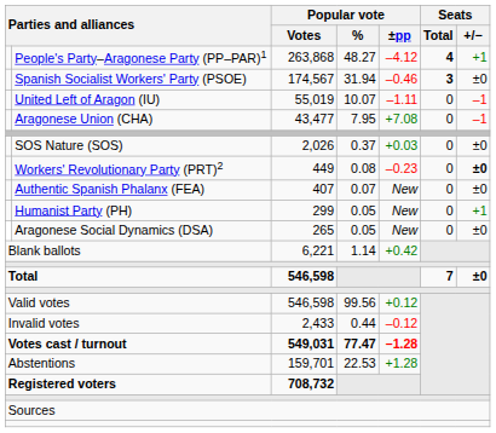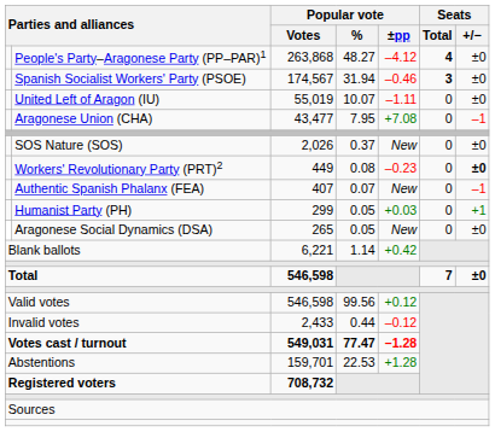 <table class="wikitable" style="text-align:right;">
 <tr>
 <th style="text-align:left;" rowspan="2" colspan="2" width="525">Parties and alliances</th>
 <th colspan="3">Popular vote</th>
 <th colspan="2">Seats</th>
 </tr>
 <tr>
 <th width="75">Votes</th>
 <th width="45">%</th>
 <th width="45">±<a href='#'>pp</a></th>
 <th width="35">Total</th>
 <th width="35">+/−</th>
 </tr>
 <tr>
 <td width="1" style="color:inherit;background:"></td>
 <td align="left"><a href='#'>People's Party</a>–<a href='#'>Aragonese Party</a> (PP–PAR)<sup>1</sup></td>
 <td>263,868</td>
 <td>48.27</td>
 <td style="color:red;">–4.12</td>
 <td><strong>4</strong></td>
-<td style="color:green;">+1</td>
+<td>±0</td>
 </tr>
 <tr>
 <td style="color:inherit;background:"></td>
 <td align="left"><a href='#'>Spanish Socialist Workers' Party</a> (PSOE)</td>
 <td>174,567</td>
 <td>31.94</td>
 <td style="color:red;">–0.46</td>
 <td><strong>3</strong></td>
 <td>±0</td>
 </tr>
 <tr>
 <td style="color:inherit;background:"></td>
 <td align="left"><a href='#'>United Left of Aragon</a> (IU)</td>
 <td>55,019</td>
 <td>10.07</td>
 <td style="color:red;">–1.11</td>
 <td>0</td>
-<td style="color:red;">–1</td>
+<td>±0</td>
 </tr>
 <tr>
 <td style="color:inherit;background:"></td>
 <td align="left"><a href='#'>Aragonese Union</a> (CHA)</td>
 <td>43,477</td>
 <td>7.95</td>
 <td style="color:green;">+7.08</td>
 <td>0</td>
 <td style="color:red;">–1</td>
 </tr>
 <tr>
 <td colspan="7" bgcolor="#C0C0C0"></td>
 </tr>
 <tr>
 <td style="color:inherit;background:"></td>
 <td align="left">SOS Nature (SOS)</td>
 <td>2,026</td>
 <td>0.37</td>
-<td style="color:green;">+0.03</td>
+<td><em>New</em></td>
 <td>0</td>
 <td>±0</td>
 </tr>
 <tr>
 <td style="color:inherit;background:"></td>
 <td align="left"><a href='#'>Workers' Revolutionary Party</a> (PRT)<sup>2</sup></td>
 <td>449</td>
 <td>0.08</td>
 <td style="color:red;">–0.23</td>
 <td>0</td>
 <td><strong>±0</strong></td>
 </tr>
 <tr>
 <td style="color:inherit;background:"></td>
 <td align="left"><a href='#'>Authentic Spanish Phalanx</a> (FEA)</td>
 <td>407</td>
 <td>0.07</td>
 <td><em>New</em></td>
 <td>0</td>
-<td>±0</td>
+<td style="color:red;">–1</td>
 </tr>
 <tr>
 <td style="color:inherit;background:"></td>
 <td align="left"><a href='#'>Humanist Party</a> (PH)</td>
 <td>299</td>
 <td>0.05</td>
-<td><em>New</em></td>
+<td style="color:green;">+0.03</td>
 <td>0</td>
 <td style="color:green;">+1</td>
 </tr>
 <tr>
 <td bgcolor="white"></td>
 <td align="left">Aragonese Social Dynamics (DSA)</td>
 <td>265</td>
 <td>0.05</td>
 <td><em>New</em></td>
 <td>0</td>
 <td>±0</td>
 </tr>
 <tr>
 <td align="left" colspan="2">Blank ballots</td>
 <td>6,221</td>
 <td>1.14</td>
 <td style="color:green;">+0.42</td>
 <td bgcolor="#E9E9E9" colspan="2"></td>
 </tr>
 <tr>
 <td colspan="7" bgcolor="#E9E9E9"></td>
 </tr>
 <tr style="font-weight:bold;">
 <td align="left" colspan="2">Total</td>
 <td>546,598</td>
 <td bgcolor="#E9E9E9" colspan="2"></td>
 <td>7</td>
 <td>±0</td>
 </tr>
 <tr>
 <td colspan="7" bgcolor="#E9E9E9"></td>
 </tr>
 <tr>
 <td align="left" colspan="2">Valid votes</td>
 <td>546,598</td>
 <td>99.56</td>
 <td style="color:green;">+0.12</td>
 <td bgcolor="#E9E9E9" colspan="2" rowspan="5"></td>
 </tr>
 <tr>
 <td align="left" colspan="2">Invalid votes</td>
 <td>2,433</td>
 <td>0.44</td>
 <td style="color:red;">–0.12</td>
 </tr>
 <tr style="font-weight:bold;">
 <td align="left" colspan="2">Votes cast / turnout</td>
 <td>549,031</td>
 <td>77.47</td>
 <td style="color:red;">–1.28</td>
 </tr>
 <tr>
 <td align="left" colspan="2">Abstentions</td>
 <td>159,701</td>
 <td>22.53</td>
 <td style="color:green;">+1.28</td>
 </tr>
 <tr style="font-weight:bold;">
 <td align="left" colspan="2">Registered voters</td>
 <td>708,732</td>
 <td bgcolor="#E9E9E9" colspan="2"></td>
 </tr>
 <tr>
 <td colspan="7" bgcolor="#E9E9E9"></td>
 </tr>
 <tr>
 <td align="left" colspan="7">Sources</td>
 </tr>
 <tr>
 <td colspan="7" style="text-align:left; max-width:790px;"></td>
 </tr>
 </table>
